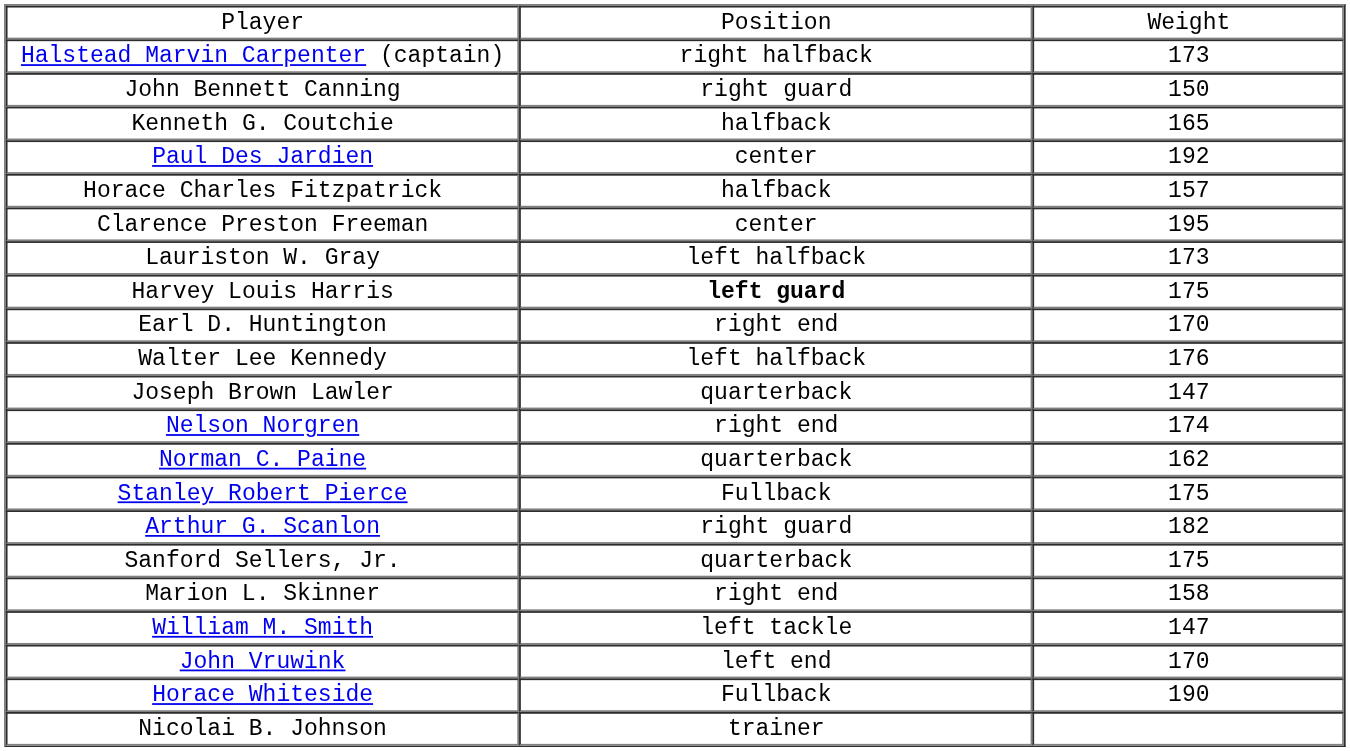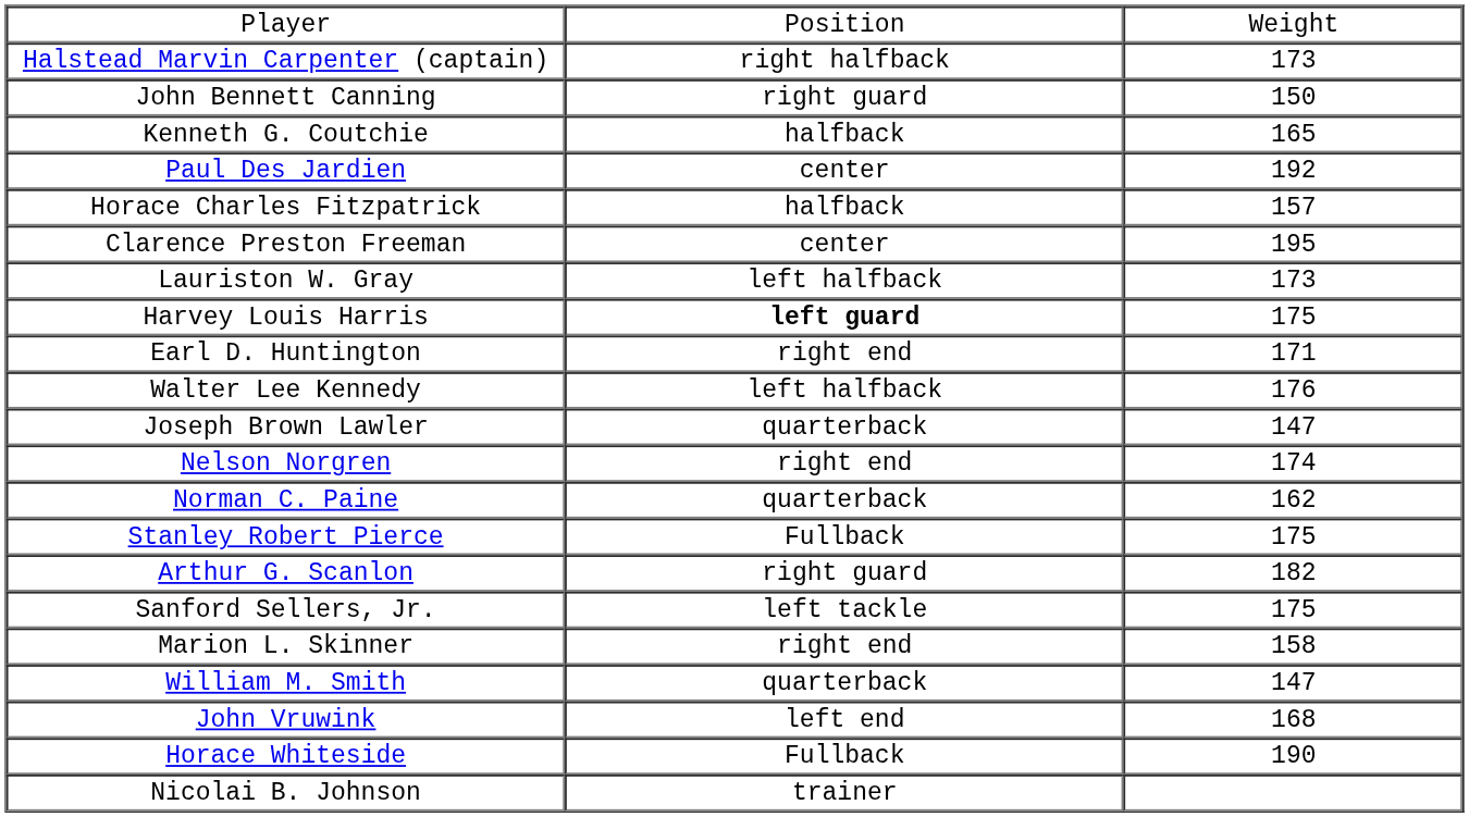 <table cellpadding="1" border="1" cellspacing="0" width="60%" style="text-align:center;">
 <tr>
 <td>Player</td>
 <td>Position</td>
 <td>Weight</td>
 </tr>
 <tr align="center" bgcolor="">
 <td><a href='#'>Halstead Marvin Carpenter</a> (captain)</td>
 <td>right halfback</td>
 <td>173</td>
 </tr>
 <tr align="center" bgcolor="">
 <td>John Bennett Canning</td>
 <td>right guard</td>
 <td>150</td>
 </tr>
 <tr align="center" bgcolor="">
 <td>Kenneth G. Coutchie</td>
 <td>halfback</td>
 <td>165</td>
 </tr>
 <tr align="center" bgcolor="">
 <td><a href='#'>Paul Des Jardien</a></td>
 <td>center</td>
 <td>192</td>
 </tr>
 <tr align="center" bgcolor="">
 <td>Horace Charles Fitzpatrick</td>
 <td>halfback</td>
 <td>157</td>
 </tr>
 <tr align="center" bgcolor="">
 <td>Clarence Preston Freeman</td>
 <td>center</td>
 <td>195</td>
 </tr>
 <tr align="center" bgcolor="">
 <td>Lauriston W. Gray</td>
 <td>left halfback</td>
 <td>173</td>
 </tr>
 <tr align="center" bgcolor="">
 <td>Harvey Louis Harris</td>
 <td><strong>left guard</strong></td>
 <td>175</td>
 </tr>
 <tr align="center" bgcolor="">
 <td>Earl D. Huntington</td>
 <td>right end</td>
-<td>170</td>
+<td>171</td>
 </tr>
 <tr align="center" bgcolor="">
 <td>Walter Lee Kennedy</td>
 <td>left halfback</td>
 <td>176</td>
 </tr>
 <tr align="center" bgcolor="">
 <td>Joseph Brown Lawler</td>
 <td>quarterback</td>
 <td>147</td>
 </tr>
 <tr align="center" bgcolor="">
 <td><a href='#'>Nelson Norgren</a></td>
 <td>right end</td>
 <td>174</td>
 </tr>
 <tr align="center" bgcolor="">
 <td width="250"><a href='#'>Norman C. Paine</a></td>
 <td width="250">quarterback</td>
 <td width="150">162</td>
 </tr>
 <tr align="center" bgcolor="">
 <td><a href='#'>Stanley Robert Pierce</a></td>
 <td>Fullback</td>
 <td>175</td>
 </tr>
 <tr align="center" bgcolor="">
 <td><a href='#'>Arthur G. Scanlon</a></td>
 <td>right guard</td>
 <td>182</td>
 </tr>
 <tr align="center" bgcolor="">
 <td>Sanford Sellers, Jr.</td>
-<td>quarterback</td>
+<td>left tackle</td>
 <td>175</td>
 </tr>
 <tr align="center" bgcolor="">
 <td>Marion L. Skinner</td>
 <td>right end</td>
 <td>158</td>
 </tr>
 <tr align="center" bgcolor="">
 <td><a href='#'>William M. Smith</a></td>
-<td>left tackle</td>
+<td>quarterback</td>
 <td>147</td>
 </tr>
 <tr align="center" bgcolor="">
 <td><a href='#'>John Vruwink</a></td>
 <td>left end</td>
-<td>170</td>
+<td>168</td>
 </tr>
 <tr align="center" bgcolor="">
 <td><a href='#'>Horace Whiteside</a></td>
 <td>Fullback</td>
 <td>190</td>
 </tr>
 <tr align="center" bgcolor="">
 <td>Nicolai B. Johnson</td>
 <td>trainer</td>
 <td></td>
 </tr>
 <tr align="center" bgcolor="">
 </tr>
 </table>
